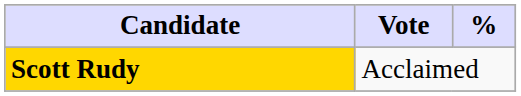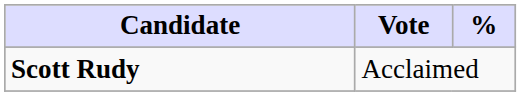 <table class="wikitable">
 <tr>
 <th style="background:#ddf; width:200px;">Candidate</th>
 <th style="background:#ddf; width:50px;">Vote</th>
 <th style="background:#ddf; width:30px;">%</th>
 </tr>
 <tr>
-<td style="background: gold;"><strong>Scott Rudy</strong></td>
+<td><strong>Scott Rudy</strong></td>
 <td colspan="2">Acclaimed</td>
 </tr>
 </table>
